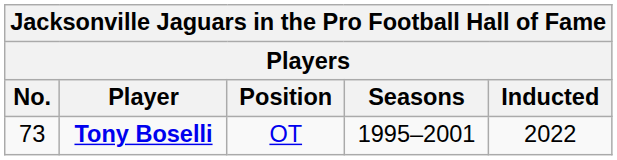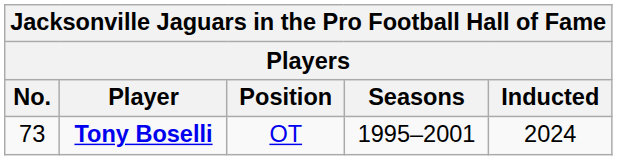 <table class="wikitable" style="text-align:center;">
 <tr>
 <th colspan="5">Jacksonville Jaguars in the Pro Football Hall of Fame</th>
 </tr>
 <tr>
 <th colspan="5">Players</th>
 </tr>
 <tr>
 <th>No.</th>
 <th>Player</th>
 <th>Position</th>
 <th>Seasons</th>
 <th>Inducted</th>
 </tr>
 <tr>
 <td>73</td>
 <td><strong><a href='#'>Tony Boselli</a></strong></td>
 <td><a href='#'>OT</a></td>
 <td>1995–2001</td>
-<td>2022</td>
+<td>2024</td>
 </tr>
 </table>
